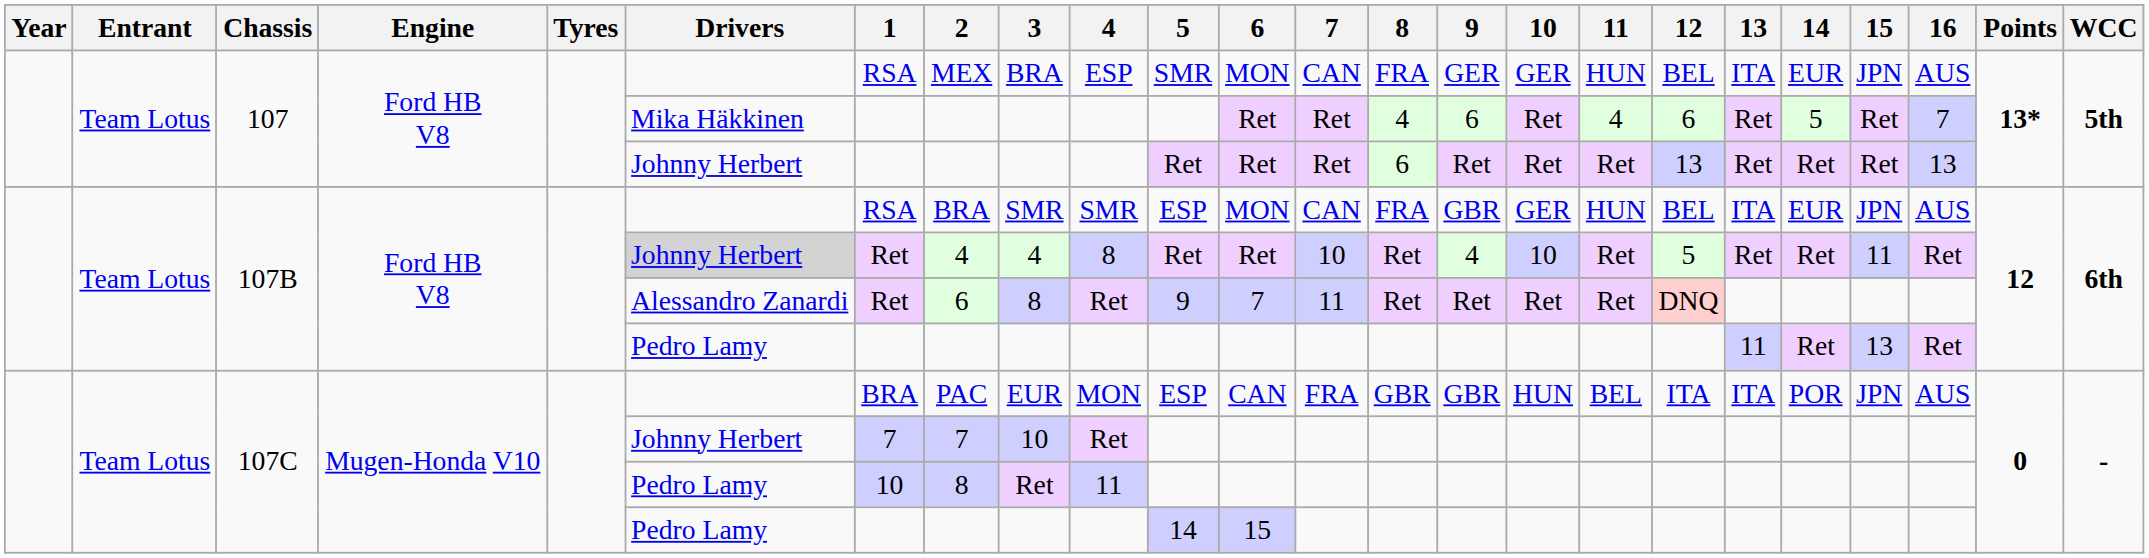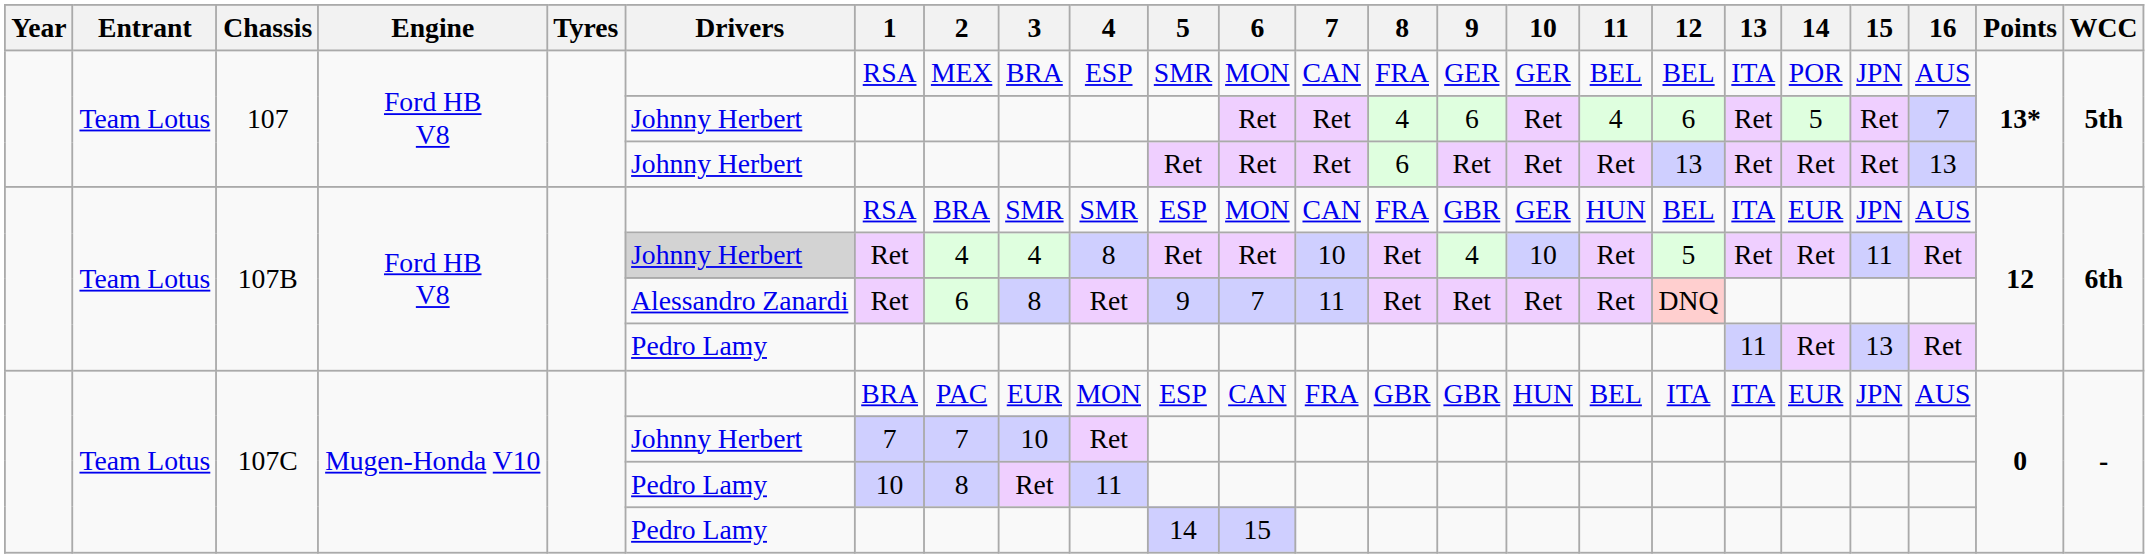 <table class="wikitable" style="text-align:center; font-size:95%">
 <tr>
 <th>Year</th>
 <th>Entrant</th>
 <th>Chassis</th>
 <th>Engine</th>
 <th>Tyres</th>
 <th>Drivers</th>
 <th>1</th>
 <th>2</th>
 <th>3</th>
 <th>4</th>
 <th>5</th>
 <th>6</th>
 <th>7</th>
 <th>8</th>
 <th>9</th>
 <th>10</th>
 <th>11</th>
 <th>12</th>
 <th>13</th>
 <th>14</th>
 <th>15</th>
 <th>16</th>
 <th>Points</th>
 <th>WCC</th>
 </tr>
 <tr>
 <td rowspan="3"></td>
 <td rowspan="3"><a href='#'>Team Lotus</a></td>
 <td rowspan="3">107</td>
 <td rowspan="3"><a href='#'>Ford HB</a><br><a href='#'>V8</a></td>
 <td rowspan="3"></td>
 <td></td>
 <td><a href='#'>RSA</a></td>
 <td><a href='#'>MEX</a></td>
 <td><a href='#'>BRA</a></td>
 <td><a href='#'>ESP</a></td>
 <td><a href='#'>SMR</a></td>
 <td><a href='#'>MON</a></td>
 <td><a href='#'>CAN</a></td>
 <td><a href='#'>FRA</a></td>
 <td><a href='#'>GER</a></td>
 <td><a href='#'>GER</a></td>
-<td><a href='#'>HUN</a></td>
+<td><a href='#'>BEL</a></td>
 <td><a href='#'>BEL</a></td>
 <td><a href='#'>ITA</a></td>
-<td><a href='#'>EUR</a></td>
+<td><a href='#'>POR</a></td>
 <td><a href='#'>JPN</a></td>
 <td><a href='#'>AUS</a></td>
 <td rowspan="3"><strong>13*</strong></td>
 <td rowspan="3"><strong>5th</strong></td>
 </tr>
 <tr>
-<td align="left"><a href='#'>Mika Häkkinen</a></td>
+<td align="left"><a href='#'>Johnny Herbert</a></td>
 <td></td>
 <td></td>
 <td></td>
 <td></td>
 <td></td>
 <td style="background:#EFCFFF;">Ret</td>
 <td style="background:#EFCFFF;">Ret</td>
 <td style="background:#DFFFDF;">4</td>
 <td style="background:#DFFFDF;">6</td>
 <td style="background:#EFCFFF;">Ret</td>
 <td style="background:#DFFFDF;">4</td>
 <td style="background:#DFFFDF;">6</td>
 <td style="background:#EFCFFF;">Ret</td>
 <td style="background:#DFFFDF;">5</td>
 <td style="background:#EFCFFF;">Ret</td>
 <td style="background:#CFCFFF;">7</td>
 </tr>
 <tr>
 <td align="left"><a href='#'>Johnny Herbert</a></td>
 <td></td>
 <td></td>
 <td></td>
 <td></td>
 <td style="background:#efcfff;">Ret</td>
 <td style="background:#efcfff;">Ret</td>
 <td style="background:#efcfff;">Ret</td>
 <td style="background:#dfffdf;">6</td>
 <td style="background:#efcfff;">Ret</td>
 <td style="background:#efcfff;">Ret</td>
 <td style="background:#efcfff;">Ret</td>
 <td style="background:#cfcfff;">13</td>
 <td style="background:#efcfff;">Ret</td>
 <td style="background:#efcfff;">Ret</td>
 <td style="background:#efcfff;">Ret</td>
 <td style="background:#cfcfff;">13</td>
 </tr>
 <tr>
 <td rowspan="4"></td>
 <td rowspan="4"><a href='#'>Team Lotus</a></td>
 <td rowspan="4">107B</td>
 <td rowspan="4"><a href='#'>Ford HB</a><br><a href='#'>V8</a></td>
 <td rowspan="4"></td>
 <td></td>
 <td><a href='#'>RSA</a></td>
 <td><a href='#'>BRA</a></td>
 <td><a href='#'>SMR</a></td>
 <td><a href='#'>SMR</a></td>
 <td><a href='#'>ESP</a></td>
 <td><a href='#'>MON</a></td>
 <td><a href='#'>CAN</a></td>
 <td><a href='#'>FRA</a></td>
 <td><a href='#'>GBR</a></td>
 <td><a href='#'>GER</a></td>
 <td><a href='#'>HUN</a></td>
 <td><a href='#'>BEL</a></td>
 <td><a href='#'>ITA</a></td>
 <td><a href='#'>EUR</a></td>
 <td><a href='#'>JPN</a></td>
 <td><a href='#'>AUS</a></td>
 <td rowspan="4"><strong>12</strong></td>
 <td rowspan="4"><strong>6th</strong></td>
 </tr>
 <tr>
 <td align="left" style="background: lightgrey;"><a href='#'>Johnny Herbert</a></td>
 <td style="background:#efcfff;">Ret</td>
 <td style="background:#dfffdf;">4</td>
 <td style="background:#dfffdf;">4</td>
 <td style="background:#cfcfff;">8</td>
 <td style="background:#efcfff;">Ret</td>
 <td style="background:#efcfff;">Ret</td>
 <td style="background:#cfcfff;">10</td>
 <td style="background:#efcfff;">Ret</td>
 <td style="background:#dfffdf;">4</td>
 <td style="background:#cfcfff;">10</td>
 <td style="background:#efcfff;">Ret</td>
 <td style="background:#dfffdf;">5</td>
 <td style="background:#efcfff;">Ret</td>
 <td style="background:#efcfff;">Ret</td>
 <td style="background:#cfcfff;">11</td>
 <td style="background:#efcfff;">Ret</td>
 </tr>
 <tr>
 <td align="left"><a href='#'>Alessandro Zanardi</a></td>
 <td style="background:#EFCFFF;">Ret</td>
 <td style="background:#DFFFDF;">6</td>
 <td style="background:#CFCFFF;">8</td>
 <td style="background:#EFCFFF;">Ret</td>
 <td style="background:#CFCFFF;">9</td>
 <td style="background:#CFCFFF;">7</td>
 <td style="background:#CFCFFF;">11</td>
 <td style="background:#EFCFFF;">Ret</td>
 <td style="background:#EFCFFF;">Ret</td>
 <td style="background:#EFCFFF;">Ret</td>
 <td style="background:#EFCFFF;">Ret</td>
 <td style="background:#ffcfcf;">DNQ</td>
 <td></td>
 <td></td>
 <td></td>
 <td></td>
 </tr>
 <tr>
 <td align="left"><a href='#'>Pedro Lamy</a></td>
 <td></td>
 <td></td>
 <td></td>
 <td></td>
 <td></td>
 <td></td>
 <td></td>
 <td></td>
 <td></td>
 <td></td>
 <td></td>
 <td></td>
 <td style="background:#CFCFFF;">11</td>
 <td style="background:#EFCFFF;">Ret</td>
 <td style="background:#CFCFFF;">13</td>
 <td style="background:#EFCFFF;">Ret</td>
 </tr>
 <tr>
 <td rowspan="4"></td>
 <td rowspan="4"><a href='#'>Team Lotus</a></td>
 <td rowspan="4">107C</td>
 <td rowspan="4"><a href='#'>Mugen-Honda</a> <a href='#'>V10</a></td>
 <td rowspan="4"></td>
 <td></td>
 <td><a href='#'>BRA</a></td>
 <td><a href='#'>PAC</a></td>
 <td><a href='#'>EUR</a></td>
 <td><a href='#'>MON</a></td>
 <td><a href='#'>ESP</a></td>
 <td><a href='#'>CAN</a></td>
 <td><a href='#'>FRA</a></td>
 <td><a href='#'>GBR</a></td>
 <td><a href='#'>GBR</a></td>
 <td><a href='#'>HUN</a></td>
 <td><a href='#'>BEL</a></td>
 <td><a href='#'>ITA</a></td>
 <td><a href='#'>ITA</a></td>
-<td><a href='#'>POR</a></td>
+<td><a href='#'>EUR</a></td>
 <td><a href='#'>JPN</a></td>
 <td><a href='#'>AUS</a></td>
 <td rowspan="4"><strong>0</strong></td>
 <td rowspan="4"><strong>-</strong></td>
 </tr>
 <tr>
 <td align="left"><a href='#'>Johnny Herbert</a></td>
 <td style="background:#cfcfff;">7</td>
 <td style="background:#cfcfff;">7</td>
 <td style="background:#cfcfff;">10</td>
 <td style="background:#efcfff;">Ret</td>
 <td></td>
 <td></td>
 <td></td>
 <td></td>
 <td></td>
 <td></td>
 <td></td>
 <td></td>
 <td></td>
 <td></td>
 <td></td>
 <td></td>
 </tr>
 <tr>
 <td align="left"><a href='#'>Pedro Lamy</a></td>
 <td style="background:#CFCFFF;">10</td>
 <td style="background:#CFCFFF;">8</td>
 <td style="background:#EFCFFF;">Ret</td>
 <td style="background:#CFCFFF;">11</td>
 <td></td>
 <td></td>
 <td></td>
 <td></td>
 <td></td>
 <td></td>
 <td></td>
 <td></td>
 <td></td>
 <td></td>
 <td></td>
 <td></td>
 </tr>
 <tr>
 <td align="left"><a href='#'>Pedro Lamy</a></td>
 <td></td>
 <td></td>
 <td></td>
 <td></td>
 <td style="background:#CFCFFF;">14</td>
 <td style="background:#CFCFFF;">15</td>
 <td></td>
 <td></td>
 <td></td>
 <td></td>
 <td></td>
 <td></td>
 <td></td>
 <td></td>
 <td></td>
 <td></td>
 </tr>
 </table>
